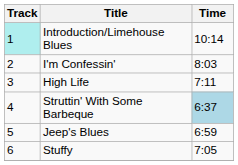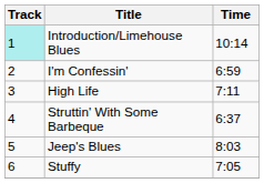 <table class="wikitable">
 <tr>
 <th scope="col" width="25px">Track</th>
 <th scope="col" width="200px">Title</th>
 <th scope="col" width="50px">Time</th>
 </tr>
 <tr>
 <td style="background: paleturquoise;">1</td>
 <td>Introduction/Limehouse Blues</td>
 <td>10:14</td>
 </tr>
 <tr>
 <td>2</td>
 <td>I'm Confessin'</td>
-<td>8:03</td>
+<td>6:59</td>
 </tr>
 <tr>
 <td>3</td>
 <td>High Life</td>
 <td>7:11</td>
 </tr>
 <tr>
 <td>4</td>
 <td>Struttin' With Some Barbeque</td>
-<td style="background: lightblue;">6:37</td>
+<td>6:37</td>
 </tr>
 <tr>
 <td>5</td>
 <td>Jeep's Blues</td>
-<td>6:59</td>
+<td>8:03</td>
 </tr>
 <tr>
 <td>6</td>
 <td>Stuffy</td>
 <td>7:05</td>
 </tr>
 <tr>
 </tr>
 </table>
